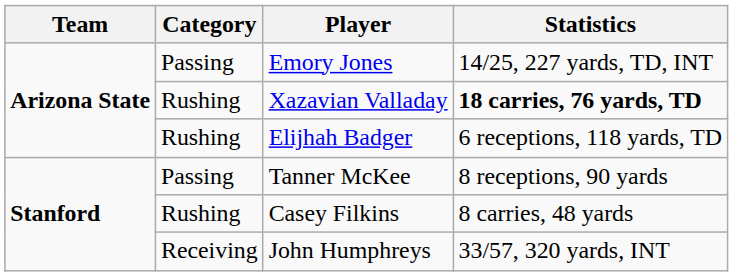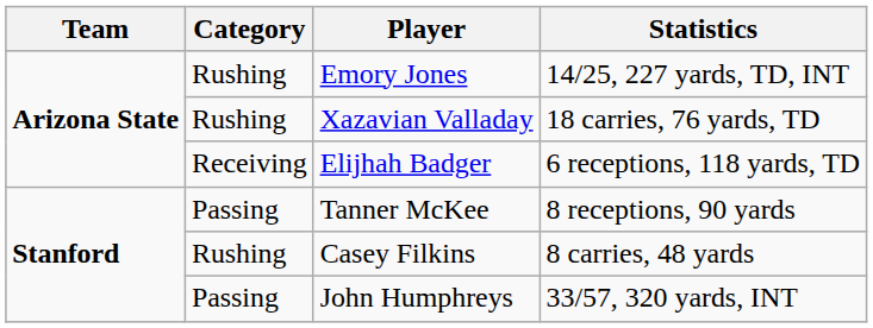 <table class="wikitable" style="float: right;">
 <tr>
 <th>Team</th>
 <th>Category</th>
 <th>Player</th>
 <th>Statistics</th>
 </tr>
 <tr>
 <td rowspan=3><strong>Arizona State</strong></td>
-<td>Passing</td>
+<td>Rushing</td>
 <td><a href='#'>Emory Jones</a></td>
 <td>14/25, 227 yards, TD, INT</td>
 </tr>
 <tr>
 <td>Rushing</td>
 <td><a href='#'>Xazavian Valladay</a></td>
-<td><strong>18 carries, 76 yards, TD</strong></td>
+<td>18 carries, 76 yards, TD</td>
 </tr>
 <tr>
-<td>Rushing</td>
+<td>Receiving</td>
 <td><a href='#'>Elijhah Badger</a></td>
 <td>6 receptions, 118 yards, TD</td>
 </tr>
 <tr>
 <td rowspan=3><strong>Stanford</strong></td>
 <td>Passing</td>
 <td>Tanner McKee</td>
 <td>8 receptions, 90 yards</td>
 </tr>
 <tr>
 <td>Rushing</td>
 <td>Casey Filkins</td>
 <td>8 carries, 48 yards</td>
 </tr>
 <tr>
-<td>Receiving</td>
+<td>Passing</td>
 <td>John Humphreys</td>
 <td>33/57, 320 yards, INT</td>
 </tr>
 </table>
